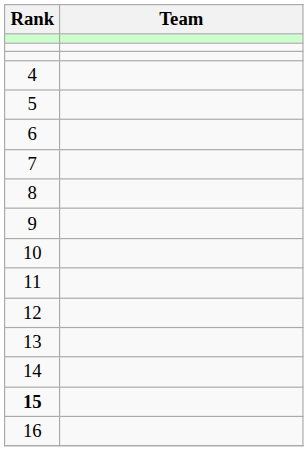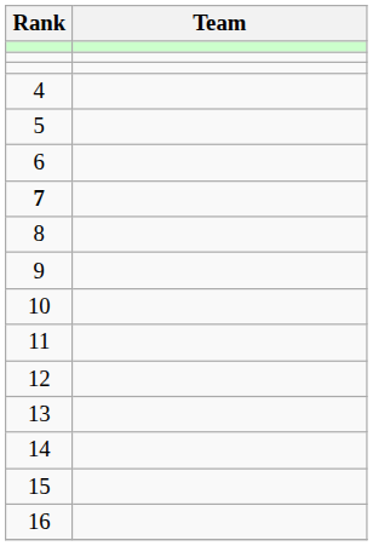 <table class="wikitable" style="text-align:center">
 <tr>
 <th width=40>Rank</th>
 <th width=200>Team</th>
 </tr>
 <tr bgcolor=#ccffcc>
 <td></td>
 <td style="text-align:left"></td>
 </tr>
 <tr>
 <td></td>
 <td style="text-align:left"></td>
 </tr>
 <tr>
 <td></td>
 <td style="text-align:left"></td>
 </tr>
 <tr>
 <td>4</td>
 <td style="text-align:left"></td>
 </tr>
 <tr>
 <td>5</td>
 <td style="text-align:left"></td>
 </tr>
 <tr>
 <td>6</td>
 <td style="text-align:left"></td>
 </tr>
 <tr>
-<td>7</td>
+<td><strong>7</strong></td>
 <td style="text-align:left"></td>
 </tr>
 <tr>
 <td>8</td>
 <td style="text-align:left"></td>
 </tr>
 <tr>
 <td>9</td>
 <td style="text-align:left"></td>
 </tr>
 <tr>
 <td>10</td>
 <td style="text-align:left"></td>
 </tr>
 <tr>
 <td>11</td>
 <td style="text-align:left"></td>
 </tr>
 <tr>
 <td>12</td>
 <td style="text-align:left"></td>
 </tr>
 <tr>
 <td>13</td>
 <td style="text-align:left"></td>
 </tr>
 <tr>
 <td>14</td>
 <td style="text-align:left"></td>
 </tr>
 <tr>
-<td><strong>15</strong></td>
+<td>15</td>
 <td style="text-align:left"></td>
 </tr>
 <tr>
 <td>16</td>
 <td style="text-align:left"></td>
 </tr>
 <tr>
 </tr>
 </table>
